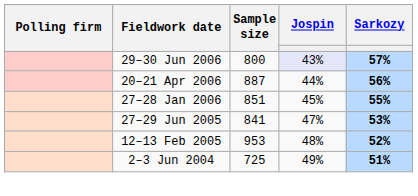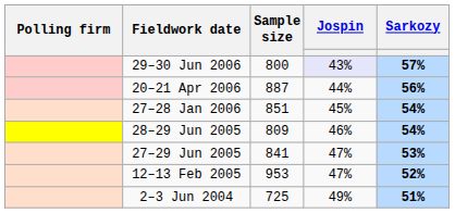 <table class="wikitable sortable" style="text-align:center;font-size:90%;line-height:14px;">
 <tr style="height:40px;">
 <th style="width:100px;" rowspan="2">Polling firm</th>
 <th style="width:110px;" rowspan="2">Fieldwork date</th>
 <th style="width:35px;" rowspan="2">Sample<br>size</th>
 <th class="unsortable" style="width:60px;"><a href='#'>Jospin</a><br></th>
 <th class="unsortable" style="width:60px;"><a href='#'>Sarkozy</a><br></th>
 </tr>
 <tr>
 <th style="background:"></th>
 <th style="background:"></th>
 </tr>
 <tr>
 <td style="background:#FFCCCC;"></td>
 <td data-sort-value="2006-06-30">29–30 Jun 2006</td>
 <td>800</td>
 <td style="background: lavender;">43%</td>
 <td style="background:#B9DAFF;"><strong>57%</strong></td>
 </tr>
 <tr>
 <td style="background:#FFCCCC;"></td>
 <td data-sort-value="2006-04-21">20–21 Apr 2006</td>
 <td>887</td>
 <td>44%</td>
 <td style="background:#B9DAFF;"><strong>56%</strong></td>
 </tr>
 <tr>
 <td style="background:#FFDFCC;"></td>
 <td data-sort-value="2006-01-28">27–28 Jan 2006</td>
 <td>851</td>
 <td>45%</td>
-<td style="background:#B9DAFF;"><strong>55%</strong></td>
+<td style="background:#B9DAFF;"><strong>54%</strong></td>
+</tr>
+<tr>
+<td style="background:yellow;"></td>
+<td data-sort-value="2005-06-29">28–29 Jun 2005</td>
+<td>809</td>
+<td>46%</td>
+<td style="background:#B9DAFF;"><strong>54%</strong></td>
 </tr>
 <tr>
 <td style="background:#FFDFCC;"></td>
 <td data-sort-value="2005-06-29">27–29 Jun 2005</td>
 <td>841</td>
 <td>47%</td>
 <td style="background:#B9DAFF;"><strong>53%</strong></td>
 </tr>
 <tr>
 <td style="background:#FFDFCC;"></td>
 <td data-sort-value="2005-02-13">12–13 Feb 2005</td>
 <td>953</td>
-<td>48%</td>
+<td>47%</td>
 <td style="background:#B9DAFF;"><strong>52%</strong></td>
 </tr>
 <tr>
 <td style="background:#FFDFCC;"></td>
 <td data-sort-value="2004-06-03">2–3 Jun 2004</td>
 <td>725</td>
 <td>49%</td>
 <td style="background:#B9DAFF;"><strong>51%</strong></td>
 </tr>
 </table>
